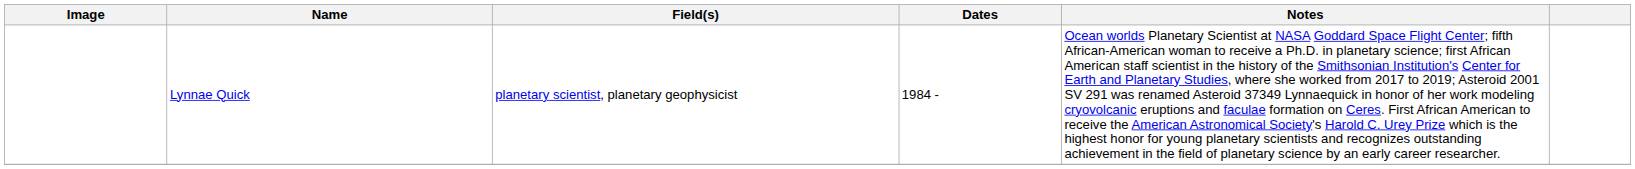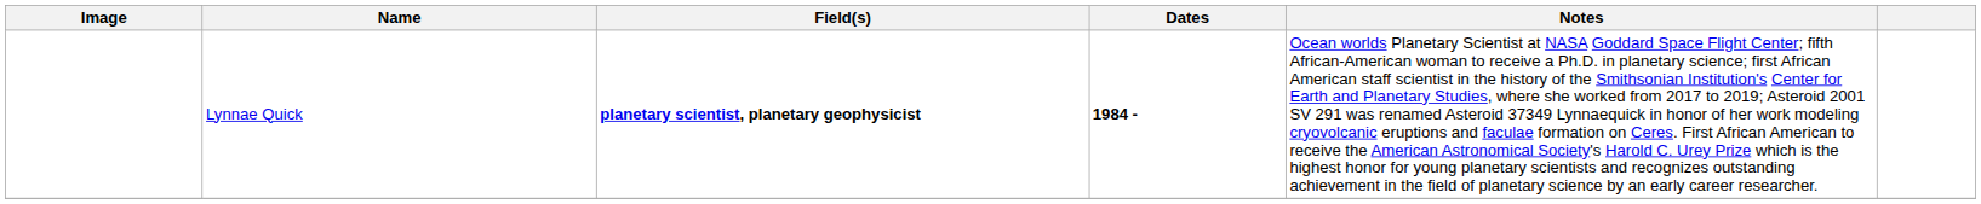 <table class="wikitable sortable plainrowheaders" style="width:100%; background:#fff;">
 <tr class="unsortable">
 <th scope="col" class="unsortable">Image</th>
 <th scope="col" style="width:20%;">Name</th>
 <th scope="col" style="width:25%;">Field(s)</th>
 <th scope="col" style="width:10%;">Dates</th>
 <th scope="col" class="unsortable" style="width: 30%">Notes</th>
 <th scope="col" class="unsortable" style="width: 5%"></th>
 </tr>
 <tr>
 <td></td>
 <td><a href='#'>Lynnae Quick</a></td>
-<td><a href='#'>planetary scientist</a>, planetary geophysicist</td>
-<td>1984 -</td>
+<td><strong><a href='#'>planetary scientist</a>, planetary geophysicist</strong></td>
+<td><strong>1984 -</strong></td>
 <td><a href='#'>Ocean worlds</a> Planetary Scientist at <a href='#'>NASA</a> <a href='#'>Goddard Space Flight Center</a>; fifth African-American woman to receive a Ph.D. in planetary science;  first African American staff scientist in the history of the <a href='#'>Smithsonian Institution's</a> <a href='#'>Center for Earth and Planetary Studies</a>, where she worked from 2017 to 2019; Asteroid 2001 SV 291 was renamed Asteroid 37349 Lynnaequick in honor of her work modeling <a href='#'>cryovolcanic</a> eruptions and <a href='#'>faculae</a> formation on <a href='#'>Ceres</a>. First African American to receive the <a href='#'>American Astronomical Society</a>'s <a href='#'>Harold C. Urey Prize</a> which is the highest honor for young planetary scientists and recognizes outstanding achievement in the field of planetary science by an early career researcher.</td>
 <td></td>
 </tr>
 <tr>
 </tr>
 </table>
